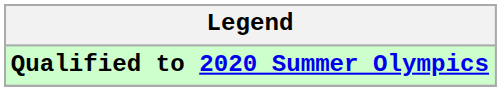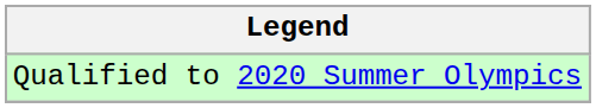 <table class="wikitable" style="font-size:92%;">
 <tr>
 <th>Legend</th>
 </tr>
 <tr bgcolor=#cfc>
-<td><strong>Qualified to <a href='#'>2020 Summer Olympics</a></strong></td>
+<td>Qualified to <a href='#'>2020 Summer Olympics</a></td>
 </tr>
 <tr>
 </tr>
 </table>
